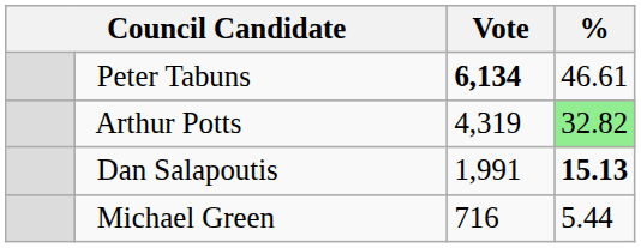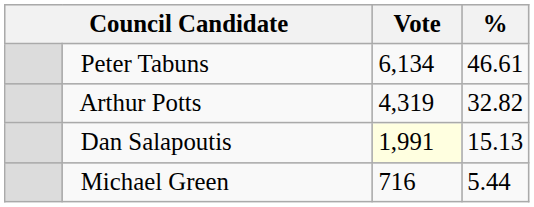 <table class="wikitable">
 <tr>
 <th bgcolor="#DDDDFF" width="230px" colspan="2">Council Candidate</th>
 <th bgcolor="#DDDDFF" width="50px">Vote</th>
 <th bgcolor="#DDDDFF" width="30px">%</th>
 </tr>
 <tr>
 <td bgcolor=#DCDCDC width="30px"> </td>
 <td>  Peter Tabuns</td>
-<td><strong>6,134</strong></td>
+<td>6,134</td>
 <td>46.61</td>
 </tr>
 <tr>
 <td bgcolor=#DCDCDC width="30px"> </td>
 <td>  Arthur Potts</td>
 <td>4,319</td>
-<td style="background: lightgreen;">32.82</td>
+<td>32.82</td>
 </tr>
 <tr>
 <td bgcolor=#DCDCDC width="30px"> </td>
 <td>  Dan Salapoutis</td>
-<td>1,991</td>
-<td><strong>15.13</strong></td>
+<td style="background: lightyellow;">1,991</td>
+<td>15.13</td>
 </tr>
 <tr>
 <td bgcolor=#DCDCDC width="30px"> </td>
 <td>  Michael Green</td>
 <td>716</td>
 <td>5.44</td>
 </tr>
 </table>
